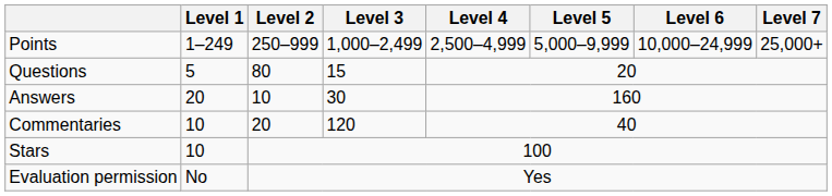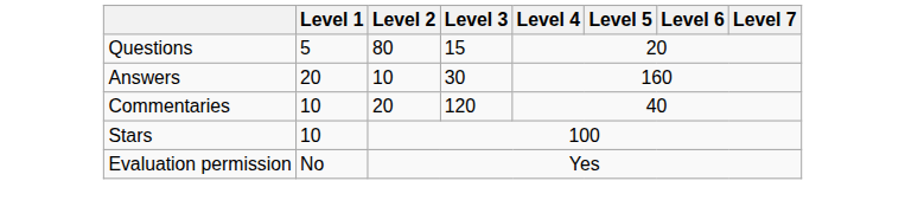 <table class="wikitable" style="font-size:93%; margin:auto;">
 <tr>
 <th></th>
 <th>Level 1</th>
 <th>Level 2</th>
 <th>Level 3</th>
 <th>Level 4</th>
 <th>Level 5</th>
 <th>Level 6</th>
 <th>Level 7</th>
-</tr>
-<tr>
-<td>Points</td>
-<td>1–249</td>
-<td>250–999</td>
-<td>1,000–2,499</td>
-<td>2,500–4,999</td>
-<td>5,000–9,999</td>
-<td>10,000–24,999</td>
-<td>25,000+</td>
 </tr>
 <tr>
 <td>Questions</td>
 <td>5</td>
 <td>80</td>
 <td>15</td>
 <td colspan=4 style="text-align:center;">20</td>
 </tr>
 <tr>
 <td>Answers</td>
 <td>20</td>
 <td>10</td>
 <td>30</td>
 <td colspan=4 style="text-align:center;">160</td>
 </tr>
 <tr>
 <td>Commentaries</td>
 <td>10</td>
 <td>20</td>
 <td>120</td>
 <td colspan=4 style="text-align:center;">40</td>
 </tr>
 <tr>
 <td>Stars</td>
 <td>10</td>
 <td colspan=6 style="text-align:center;">100</td>
 </tr>
 <tr>
 <td>Evaluation permission</td>
 <td>No</td>
 <td colspan=6 style="text-align:center;">Yes</td>
 </tr>
 </table>
